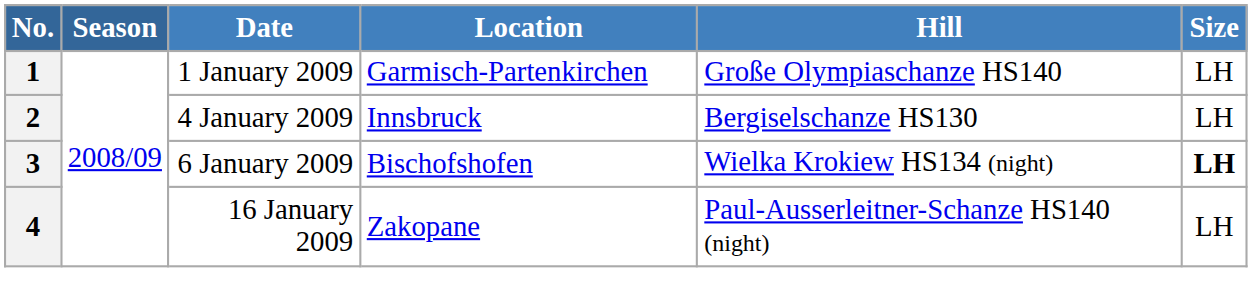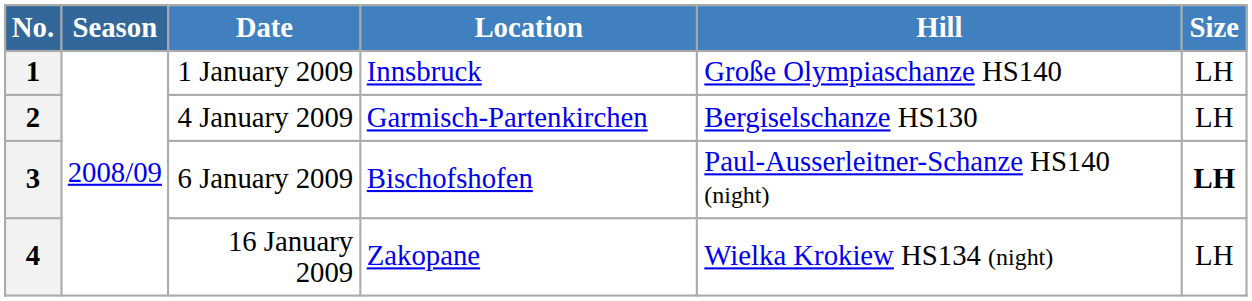 <table class="wikitable sortable" style="font-size:86%; line-height:15px; text-align:left; border:grey solid 1px; border-collapse:collapse; background:#ffffff;">
 <tr style="background:#efefef;">
 <th style="background-color:#369; color:white; width:10px;">No.</th>
 <th style="background-color:#369; color:white;  width:30px;">Season</th>
 <th style="background-color:#4180be; color:white; width:85px;">Date</th>
 <th style="background-color:#4180be; color:white; width:155px;">Location</th>
 <th style="background-color:#4180be; color:white; width:225px;">Hill</th>
 <th style="background-color:#4180be; color:white; width:25px;">Size</th>
 </tr>
 <tr>
 <th scope=row style="text-align:center;">1</th>
 <td align=center rowspan=4><a href='#'>2008/09</a></td>
 <td align=right>1 January 2009</td>
-<td> <a href='#'>Garmisch-Partenkirchen</a></td>
+<td> <a href='#'>Innsbruck</a></td>
 <td><a href='#'>Große Olympiaschanze</a> HS140</td>
 <td align=center>LH</td>
 </tr>
 <tr>
 <th scope=row style="text-align:center;">2</th>
 <td align=right>4 January 2009</td>
-<td> <a href='#'>Innsbruck</a></td>
+<td> <a href='#'>Garmisch-Partenkirchen</a></td>
 <td><a href='#'>Bergiselschanze</a> HS130</td>
 <td align=center>LH</td>
 </tr>
 <tr>
 <th scope=row style="text-align:center;">3</th>
 <td align=right>6 January 2009</td>
 <td> <a href='#'>Bischofshofen</a></td>
-<td><a href='#'>Wielka Krokiew</a> HS134 <small>(night)</small></td>
+<td><a href='#'>Paul-Ausserleitner-Schanze</a> HS140 <small>(night)</small></td>
 <td align=center><strong>LH</strong></td>
 </tr>
 <tr>
 <th scope=row style="text-align:center;">4</th>
 <td align=right>16 January 2009</td>
 <td> <a href='#'>Zakopane</a></td>
-<td><a href='#'>Paul-Ausserleitner-Schanze</a> HS140 <small>(night)</small></td>
+<td><a href='#'>Wielka Krokiew</a> HS134 <small>(night)</small></td>
 <td align=center>LH</td>
 </tr>
 </table>
